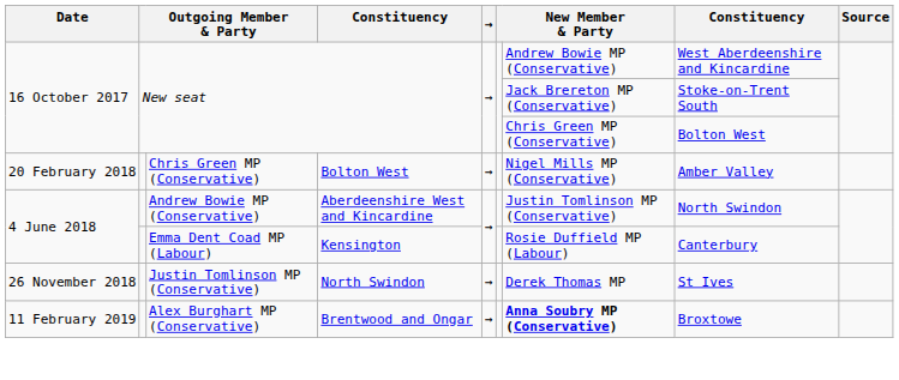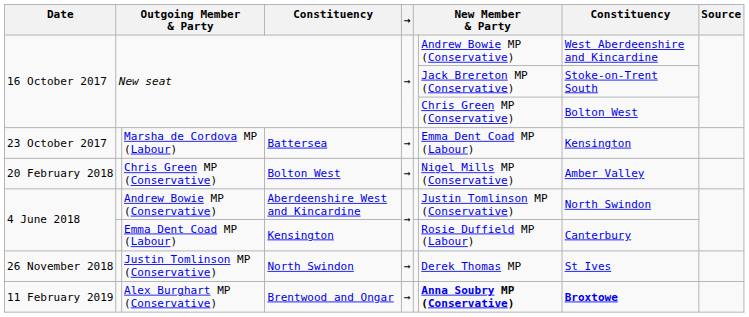 <table class="wikitable">
 <tr>
 <th valign="top">Date</th>
 <th colspan="2" valign="top">Outgoing Member<br>& Party</th>
 <th valign="top">Constituency</th>
 <th>→</th>
 <th colspan="2" valign="top">New Member<br>& Party</th>
 <th valign="top">Constituency</th>
 <th valign="top">Source</th>
 </tr>
 <tr>
 <td nowrap rowspan=3>16 October 2017</td>
 <td colspan=3 rowspan=3><em>New seat</em></td>
 <td rowspan=3>→</td>
 <td rowspan=3 style="color:inherit;background:"></td>
 <td><a href='#'>Andrew Bowie</a> MP (<a href='#'>Conservative</a>)</td>
 <td><a href='#'>West Aberdeenshire and Kincardine</a></td>
 <td rowspan=3></td>
 </tr>
 <tr>
 <td><a href='#'>Jack Brereton</a> MP (<a href='#'>Conservative</a>)</td>
 <td><a href='#'>Stoke-on-Trent South</a></td>
 </tr>
 <tr>
 <td><a href='#'>Chris Green</a> MP (<a href='#'>Conservative</a>)</td>
 <td><a href='#'>Bolton West</a></td>
+</tr>
+<tr>
+<td nowrap>23 October 2017</td>
+<td style="color:inherit;background:"></td>
+<td><a href='#'>Marsha de Cordova</a> MP (<a href='#'>Labour</a>)</td>
+<td><a href='#'>Battersea</a></td>
+<td>→</td>
+<td style="color:inherit;background:"></td>
+<td><a href='#'>Emma Dent Coad</a> MP (<a href='#'>Labour</a>)</td>
+<td><a href='#'>Kensington</a></td>
+<td></td>
 </tr>
 <tr>
 <td nowrap>20 February 2018</td>
 <td style="color:inherit;background:"></td>
 <td><a href='#'>Chris Green</a> MP (<a href='#'>Conservative</a>)</td>
 <td><a href='#'>Bolton West</a></td>
 <td>→</td>
 <td style="color:inherit;background:"></td>
 <td><a href='#'>Nigel Mills</a> MP (<a href='#'>Conservative</a>)</td>
 <td><a href='#'>Amber Valley</a></td>
 <td></td>
 </tr>
 <tr>
 <td nowrap rowspan="2">4 June 2018</td>
 <td style="color:inherit;background:"></td>
 <td><a href='#'>Andrew Bowie</a> MP (<a href='#'>Conservative</a>)</td>
 <td><a href='#'>Aberdeenshire West and Kincardine</a></td>
 <td rowspan="2">→</td>
 <td style="color:inherit;background:"></td>
 <td><a href='#'>Justin Tomlinson</a> MP (<a href='#'>Conservative</a>)</td>
 <td><a href='#'>North Swindon</a></td>
 <td rowspan=2></td>
 </tr>
 <tr>
 <td style="color:inherit;background:"></td>
 <td><a href='#'>Emma Dent Coad</a> MP (<a href='#'>Labour</a>)</td>
 <td><a href='#'>Kensington</a></td>
 <td style="color:inherit;background:"></td>
 <td><a href='#'>Rosie Duffield</a> MP (<a href='#'>Labour</a>)</td>
 <td><a href='#'>Canterbury</a></td>
 </tr>
 <tr>
 <td>26 November 2018</td>
 <td style="color:inherit;background:"></td>
 <td><a href='#'>Justin Tomlinson</a> MP (<a href='#'>Conservative</a>)</td>
 <td><a href='#'>North Swindon</a></td>
 <td>→</td>
 <td style="color:inherit;background:"></td>
 <td><a href='#'>Derek Thomas</a> MP</td>
 <td><a href='#'>St Ives</a></td>
 <td></td>
 </tr>
 <tr>
 <td nowrap>11 February 2019</td>
 <td style="color:inherit;background:"></td>
 <td><a href='#'>Alex Burghart</a> MP (<a href='#'>Conservative</a>)</td>
 <td><a href='#'>Brentwood and Ongar</a></td>
 <td>→</td>
 <td style="color:inherit;background:"></td>
 <td><strong><a href='#'>Anna Soubry</a> MP (<a href='#'>Conservative</a>)</strong></td>
-<td><a href='#'>Broxtowe</a></td>
+<td><strong><a href='#'>Broxtowe</a></strong></td>
 <td></td>
 </tr>
 </table>
